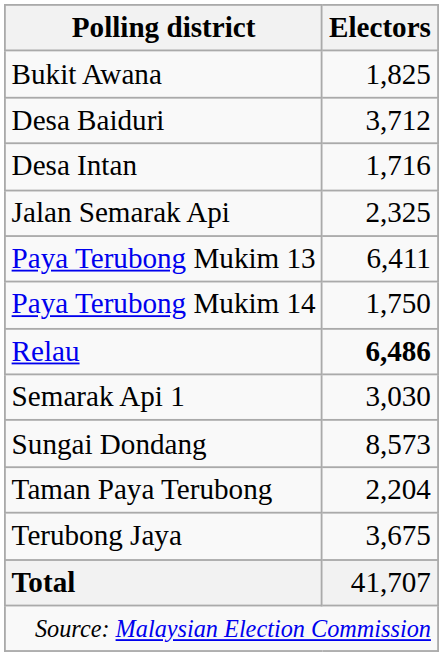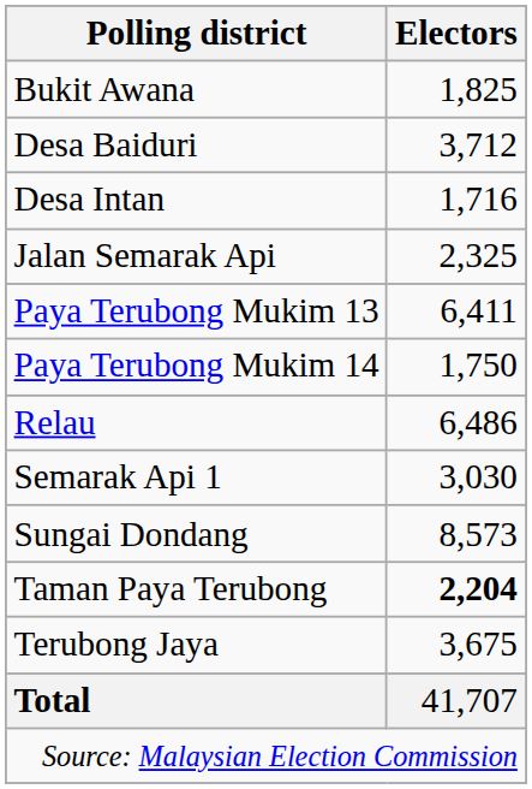 <table class="wikitable sortable">
 <tr>
 <th>Polling district</th>
 <th>Electors</th>
 </tr>
 <tr>
 <td>Bukit Awana</td>
 <td align="right">1,825</td>
 </tr>
 <tr>
 <td>Desa Baiduri</td>
 <td align="right">3,712</td>
 </tr>
 <tr>
 <td>Desa Intan</td>
 <td align="right">1,716</td>
 </tr>
 <tr>
 <td>Jalan Semarak Api</td>
 <td align="right">2,325</td>
 </tr>
 <tr>
 <td><a href='#'>Paya Terubong</a> Mukim 13</td>
 <td align="right">6,411</td>
 </tr>
 <tr>
 <td><a href='#'>Paya Terubong</a> Mukim 14</td>
 <td align="right">1,750</td>
 </tr>
 <tr>
 <td><a href='#'>Relau</a></td>
-<td align="right"><strong>6,486</strong></td>
+<td align="right">6,486</td>
 </tr>
 <tr>
 <td>Semarak Api 1</td>
 <td align="right">3,030</td>
 </tr>
 <tr>
 <td>Sungai Dondang</td>
 <td align="right">8,573</td>
 </tr>
 <tr>
 <td>Taman Paya Terubong</td>
-<td align="right">2,204</td>
+<td align="right"><strong>2,204</strong></td>
 </tr>
 <tr>
 <td>Terubong Jaya</td>
 <td align="right">3,675</td>
 </tr>
 <tr>
 <td style="background: #f2f2f2"><strong>Total</strong></td>
 <td style="background: #f2f2f2" align="right">41,707</td>
 </tr>
 <tr>
 <td colspan="2"  align="right"><small><em>Source: <a href='#'>Malaysian Election Commission</a></em></small></td>
 </tr>
 </table>
